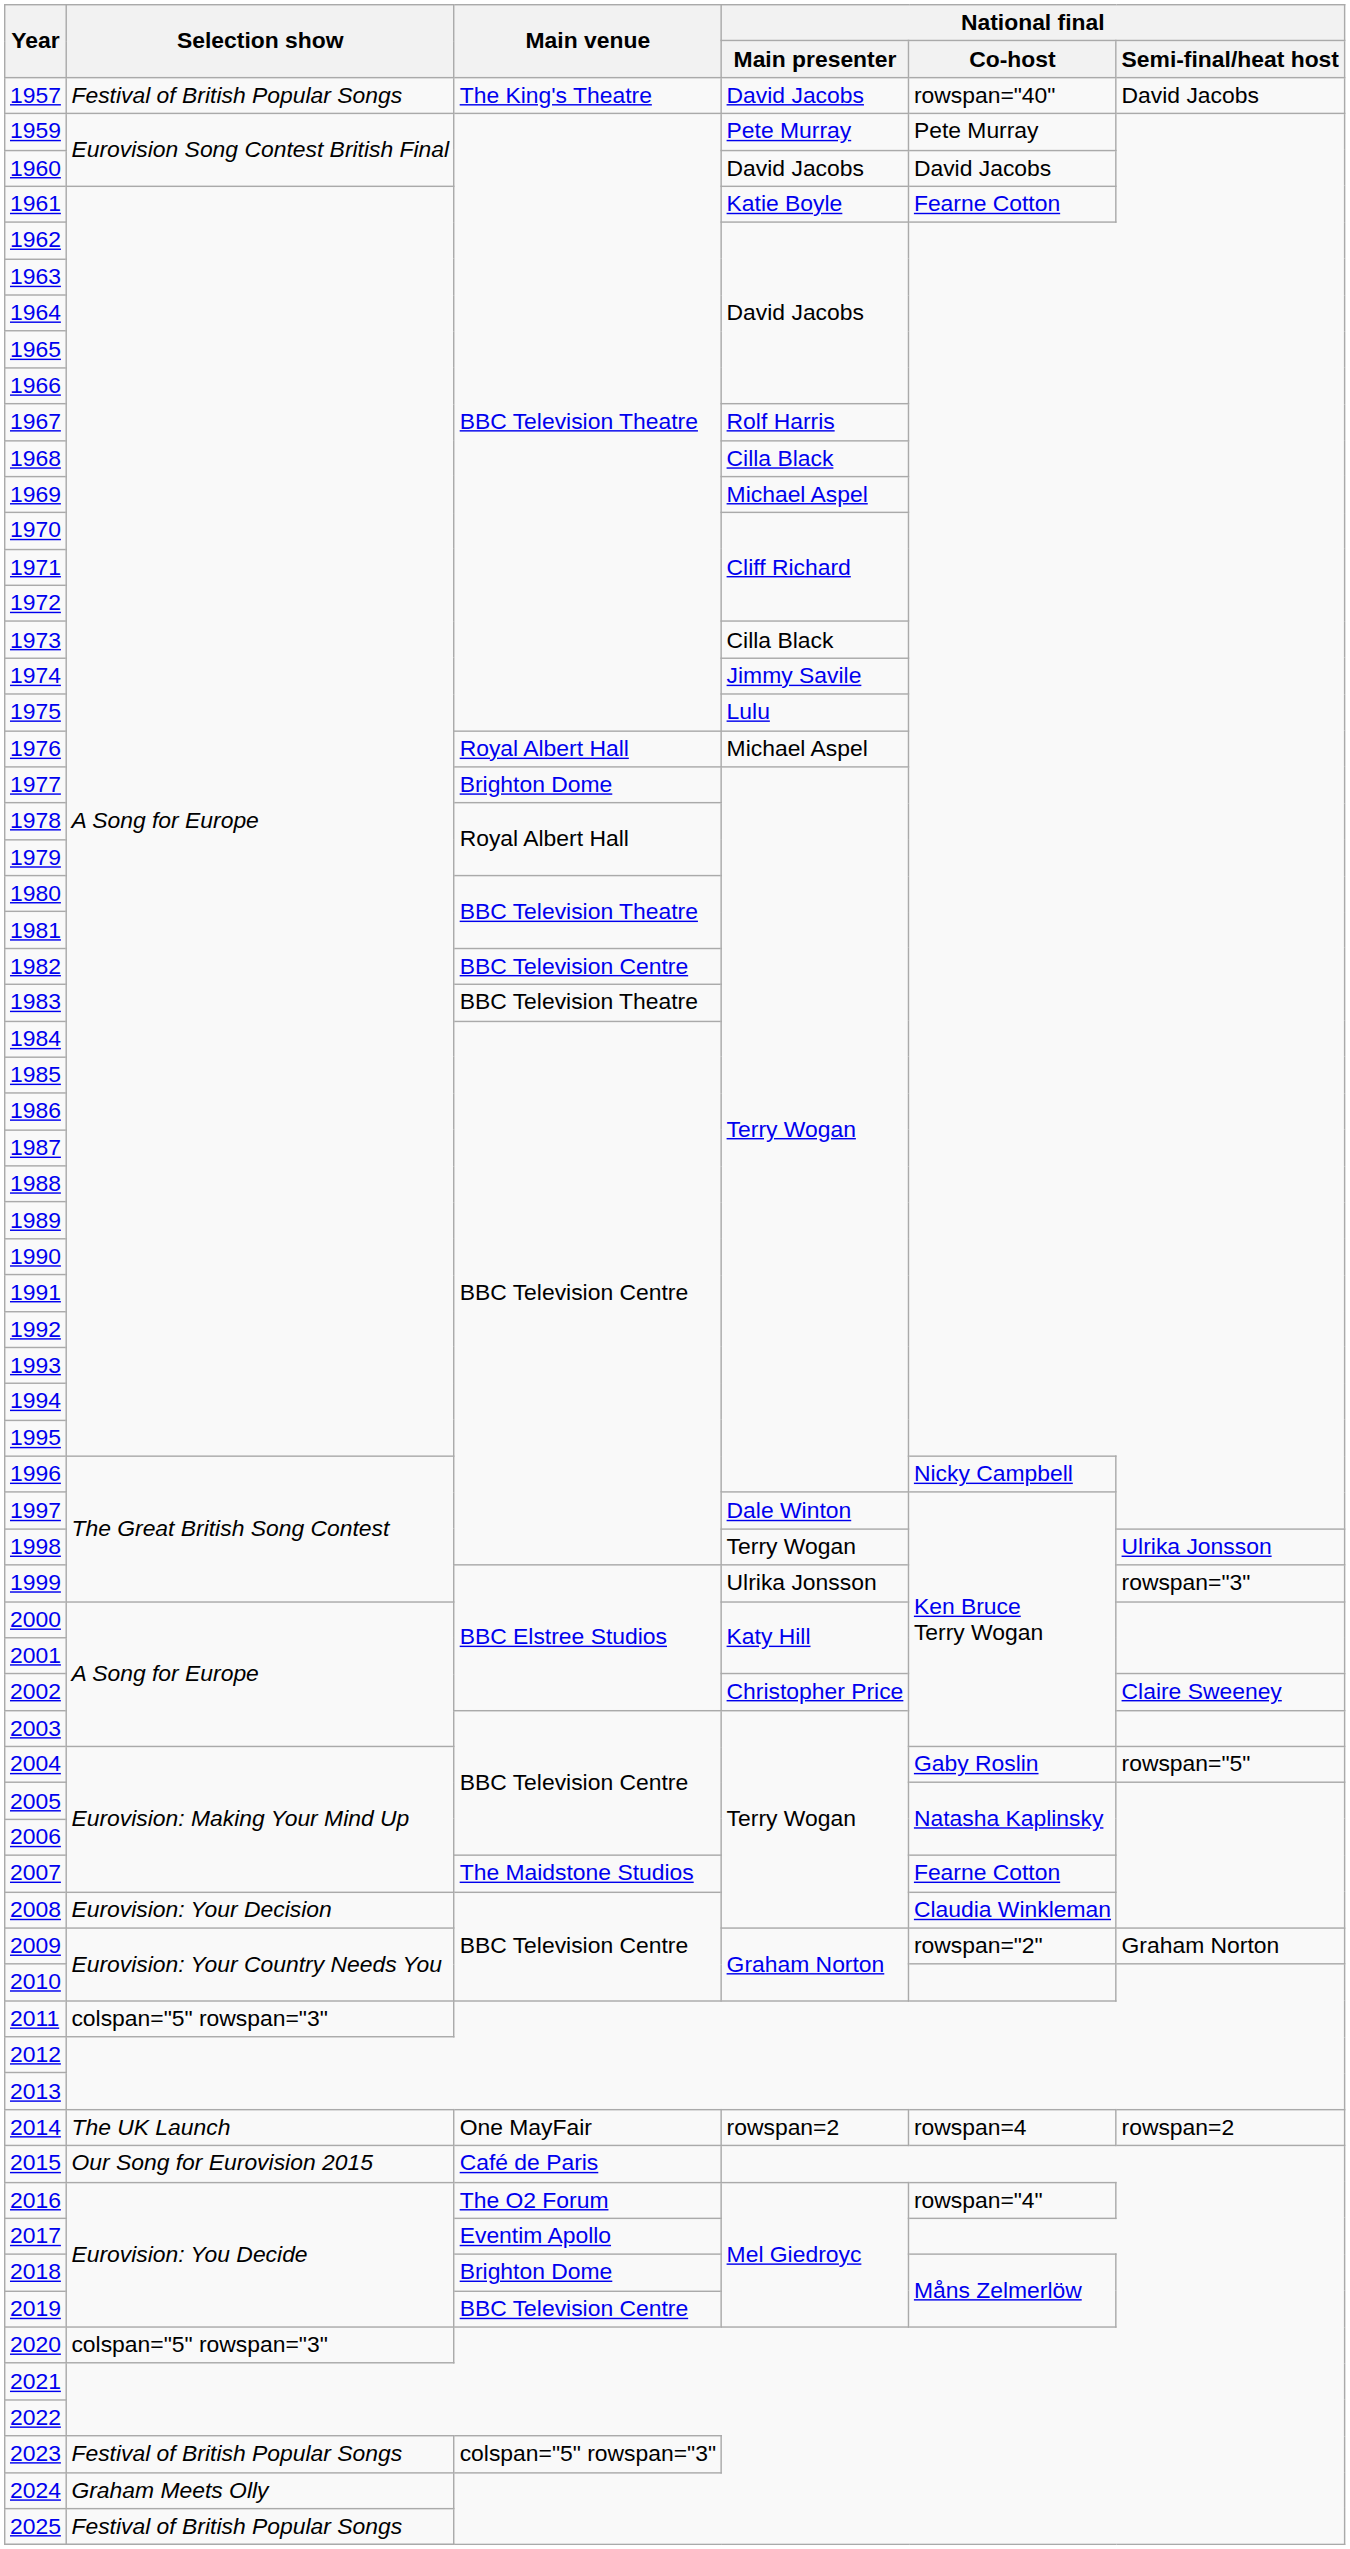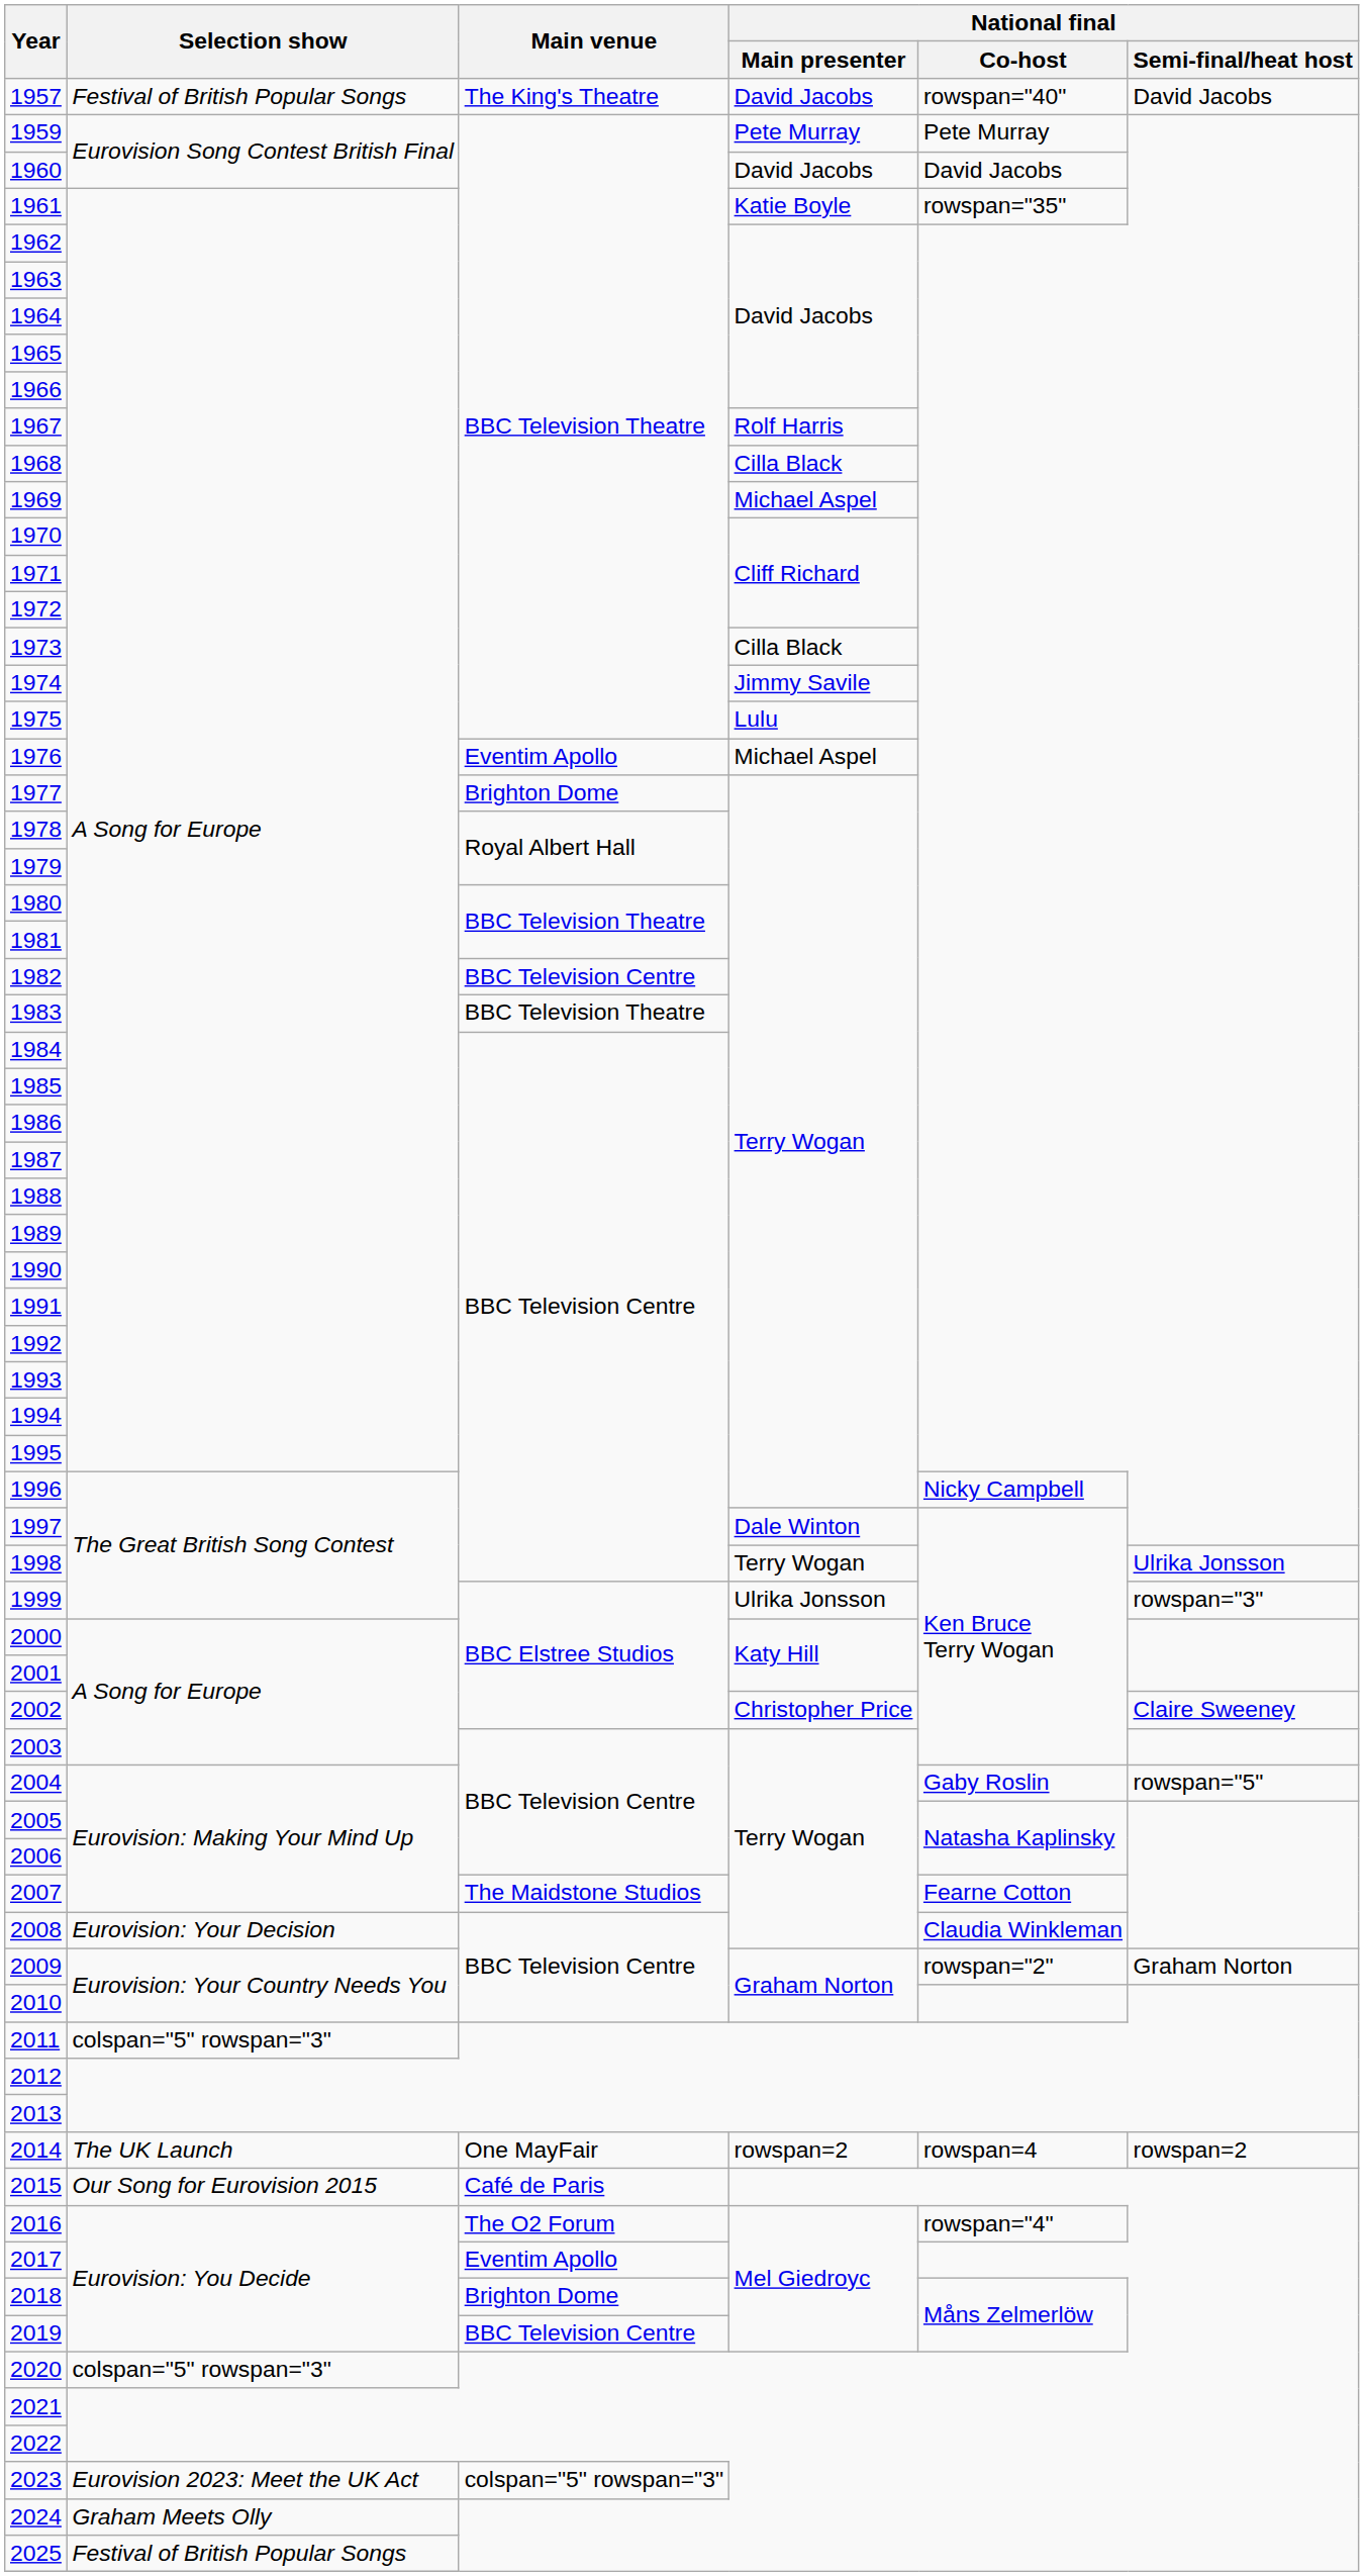 <table class="wikitable">
 <tr>
 <th rowspan="2">Year</th>
 <th rowspan="2">Selection show</th>
 <th rowspan="2">Main venue</th>
 <th colspan="3">National final</th>
 </tr>
 <tr>
 <th>Main presenter</th>
 <th>Co-host</th>
 <th>Semi-final/heat host</th>
 </tr>
 <tr>
 <td><a href='#'>1957</a></td>
 <td><em>Festival of British Popular Songs</em></td>
 <td><a href='#'>The King's Theatre</a></td>
 <td><a href='#'>David Jacobs</a></td>
 <td>rowspan="40" </td>
 <td>David Jacobs</td>
 </tr>
 <tr>
 <td><a href='#'>1959</a></td>
 <td rowspan="2"><em>Eurovision Song Contest British Final</em></td>
 <td rowspan="17"><a href='#'>BBC Television Theatre</a></td>
 <td><a href='#'>Pete Murray</a></td>
 <td>Pete Murray</td>
 </tr>
 <tr>
 <td><a href='#'>1960</a></td>
 <td>David Jacobs</td>
 <td>David Jacobs</td>
 </tr>
 <tr>
 <td><a href='#'>1961</a></td>
 <td rowspan="35"><em>A Song for Europe</em></td>
 <td><a href='#'>Katie Boyle</a></td>
-<td><a href='#'>Fearne Cotton</a></td>
+<td>rowspan="35" </td>
 </tr>
 <tr>
 <td><a href='#'>1962</a></td>
 <td rowspan="5">David Jacobs</td>
 </tr>
 <tr>
 <td><a href='#'>1963</a></td>
 </tr>
 <tr>
 <td><a href='#'>1964</a></td>
 </tr>
 <tr>
 <td><a href='#'>1965</a></td>
 </tr>
 <tr>
 <td><a href='#'>1966</a></td>
 </tr>
 <tr>
 <td><a href='#'>1967</a></td>
 <td><a href='#'>Rolf Harris</a></td>
 </tr>
 <tr>
 <td><a href='#'>1968</a></td>
 <td><a href='#'>Cilla Black</a></td>
 </tr>
 <tr>
 <td><a href='#'>1969</a></td>
 <td><a href='#'>Michael Aspel</a></td>
 </tr>
 <tr>
 <td><a href='#'>1970</a></td>
 <td rowspan="3"><a href='#'>Cliff Richard</a></td>
 </tr>
 <tr>
 <td><a href='#'>1971</a></td>
 </tr>
 <tr>
 <td><a href='#'>1972</a></td>
 </tr>
 <tr>
 <td><a href='#'>1973</a></td>
 <td>Cilla Black</td>
 </tr>
 <tr>
 <td><a href='#'>1974</a></td>
 <td><a href='#'>Jimmy Savile</a></td>
 </tr>
 <tr>
 <td><a href='#'>1975</a></td>
 <td><a href='#'>Lulu</a></td>
 </tr>
 <tr>
 <td><a href='#'>1976</a></td>
-<td><a href='#'>Royal Albert Hall</a></td>
+<td><a href='#'>Eventim Apollo</a></td>
 <td>Michael Aspel</td>
 </tr>
 <tr>
 <td><a href='#'>1977</a></td>
 <td><a href='#'>Brighton Dome</a></td>
 <td rowspan="20"><a href='#'>Terry Wogan</a></td>
 </tr>
 <tr>
 <td><a href='#'>1978</a></td>
 <td rowspan="2">Royal Albert Hall</td>
 </tr>
 <tr>
 <td><a href='#'>1979</a></td>
 </tr>
 <tr>
 <td><a href='#'>1980</a></td>
 <td rowspan="2"><a href='#'>BBC Television Theatre</a></td>
 </tr>
 <tr>
 <td><a href='#'>1981</a></td>
 </tr>
 <tr>
 <td><a href='#'>1982</a></td>
 <td><a href='#'>BBC Television Centre</a></td>
 </tr>
 <tr>
 <td><a href='#'>1983</a></td>
 <td>BBC Television Theatre</td>
 </tr>
 <tr>
 <td><a href='#'>1984</a></td>
 <td rowspan="15">BBC Television Centre</td>
 </tr>
 <tr>
 <td><a href='#'>1985</a></td>
 </tr>
 <tr>
 <td><a href='#'>1986</a></td>
 </tr>
 <tr>
 <td><a href='#'>1987</a></td>
 </tr>
 <tr>
 <td><a href='#'>1988</a></td>
 </tr>
 <tr>
 <td><a href='#'>1989</a></td>
 </tr>
 <tr>
 <td><a href='#'>1990</a></td>
 </tr>
 <tr>
 <td><a href='#'>1991</a></td>
 </tr>
 <tr>
 <td><a href='#'>1992</a></td>
 </tr>
 <tr>
 <td><a href='#'>1993</a></td>
 </tr>
 <tr>
 <td><a href='#'>1994</a></td>
 </tr>
 <tr>
 <td><a href='#'>1995</a></td>
 </tr>
 <tr>
 <td><a href='#'>1996</a></td>
 <td rowspan="4"><em>The Great British Song Contest</em></td>
 <td><a href='#'>Nicky Campbell</a></td>
 </tr>
 <tr>
 <td><a href='#'>1997</a></td>
 <td><a href='#'>Dale Winton</a></td>
 <td rowspan="7"><a href='#'>Ken Bruce</a><br>Terry Wogan</td>
 </tr>
 <tr>
 <td><a href='#'>1998</a></td>
 <td>Terry Wogan</td>
 <td><a href='#'>Ulrika Jonsson</a></td>
 </tr>
 <tr>
 <td><a href='#'>1999</a></td>
 <td rowspan="4"><a href='#'>BBC Elstree Studios</a></td>
 <td>Ulrika Jonsson</td>
 <td>rowspan="3" </td>
 </tr>
 <tr>
 <td><a href='#'>2000</a></td>
 <td rowspan="4"><em>A Song for Europe</em></td>
 <td rowspan="2"><a href='#'>Katy Hill</a></td>
 </tr>
 <tr>
 <td><a href='#'>2001</a></td>
 </tr>
 <tr>
 <td><a href='#'>2002</a></td>
 <td><a href='#'>Christopher Price</a></td>
 <td><a href='#'>Claire Sweeney</a></td>
 </tr>
 <tr>
 <td><a href='#'>2003</a></td>
 <td rowspan="4">BBC Television Centre</td>
 <td rowspan="6">Terry Wogan</td>
 <td></td>
 </tr>
 <tr>
 <td><a href='#'>2004</a></td>
 <td rowspan="4"><em>Eurovision: Making Your Mind Up</em></td>
 <td><a href='#'>Gaby Roslin</a></td>
 <td>rowspan="5" </td>
 </tr>
 <tr>
 <td><a href='#'>2005</a></td>
 <td rowspan="2"><a href='#'>Natasha Kaplinsky</a></td>
 </tr>
 <tr>
 <td><a href='#'>2006</a></td>
 </tr>
 <tr>
 <td><a href='#'>2007</a></td>
 <td><a href='#'>The Maidstone Studios</a></td>
 <td><a href='#'>Fearne Cotton</a></td>
 </tr>
 <tr>
 <td><a href='#'>2008</a></td>
 <td><em>Eurovision: Your Decision</em></td>
 <td rowspan="3">BBC Television Centre</td>
 <td><a href='#'>Claudia Winkleman</a></td>
 </tr>
 <tr>
 <td><a href='#'>2009</a></td>
 <td rowspan="2"><em>Eurovision: Your Country Needs You</em></td>
 <td rowspan="2"><a href='#'>Graham Norton</a></td>
 <td>rowspan="2" </td>
 <td>Graham Norton</td>
 </tr>
 <tr>
 <td><a href='#'>2010</a></td>
 <td></td>
 </tr>
 <tr>
 <td><a href='#'>2011</a></td>
 <td>colspan="5" rowspan="3" </td>
 </tr>
 <tr>
 <td><a href='#'>2012</a></td>
 </tr>
 <tr>
 <td><a href='#'>2013</a></td>
 </tr>
 <tr>
 <td><a href='#'>2014</a></td>
 <td><em>The UK Launch</em></td>
 <td>One MayFair</td>
 <td>rowspan=2 </td>
 <td>rowspan=4 </td>
 <td>rowspan=2 </td>
 </tr>
 <tr>
 <td><a href='#'>2015</a></td>
 <td><em>Our Song for Eurovision 2015</em></td>
 <td><a href='#'>Café de Paris</a></td>
 </tr>
 <tr>
 <td><a href='#'>2016</a></td>
 <td rowspan="4"><em>Eurovision: You Decide</em></td>
 <td><a href='#'>The O2 Forum</a></td>
 <td rowspan="4"><a href='#'>Mel Giedroyc</a></td>
 <td>rowspan="4" </td>
 </tr>
 <tr>
 <td><a href='#'>2017</a></td>
 <td><a href='#'>Eventim Apollo</a></td>
 </tr>
 <tr>
 <td><a href='#'>2018</a></td>
 <td><a href='#'>Brighton Dome</a></td>
 <td rowspan="2"><a href='#'>Måns Zelmerlöw</a></td>
 </tr>
 <tr>
 <td><a href='#'>2019</a></td>
 <td><a href='#'>BBC Television Centre</a></td>
 </tr>
 <tr>
 <td><a href='#'>2020</a></td>
 <td>colspan="5" rowspan="3" </td>
 </tr>
 <tr>
 <td><a href='#'>2021</a></td>
 </tr>
 <tr>
 <td><a href='#'>2022</a></td>
 </tr>
 <tr>
 <td><a href='#'>2023</a></td>
-<td><em>Festival of British Popular Songs</em></td>
+<td><em>Eurovision 2023: Meet the UK Act</em></td>
 <td>colspan="5" rowspan="3" </td>
 </tr>
 <tr>
 <td><a href='#'>2024</a></td>
 <td><em>Graham Meets Olly</em></td>
 </tr>
 <tr>
 <td><a href='#'>2025</a></td>
 <td><em>Festival of British Popular Songs</em></td>
 </tr>
 <tr>
 </tr>
 </table>
